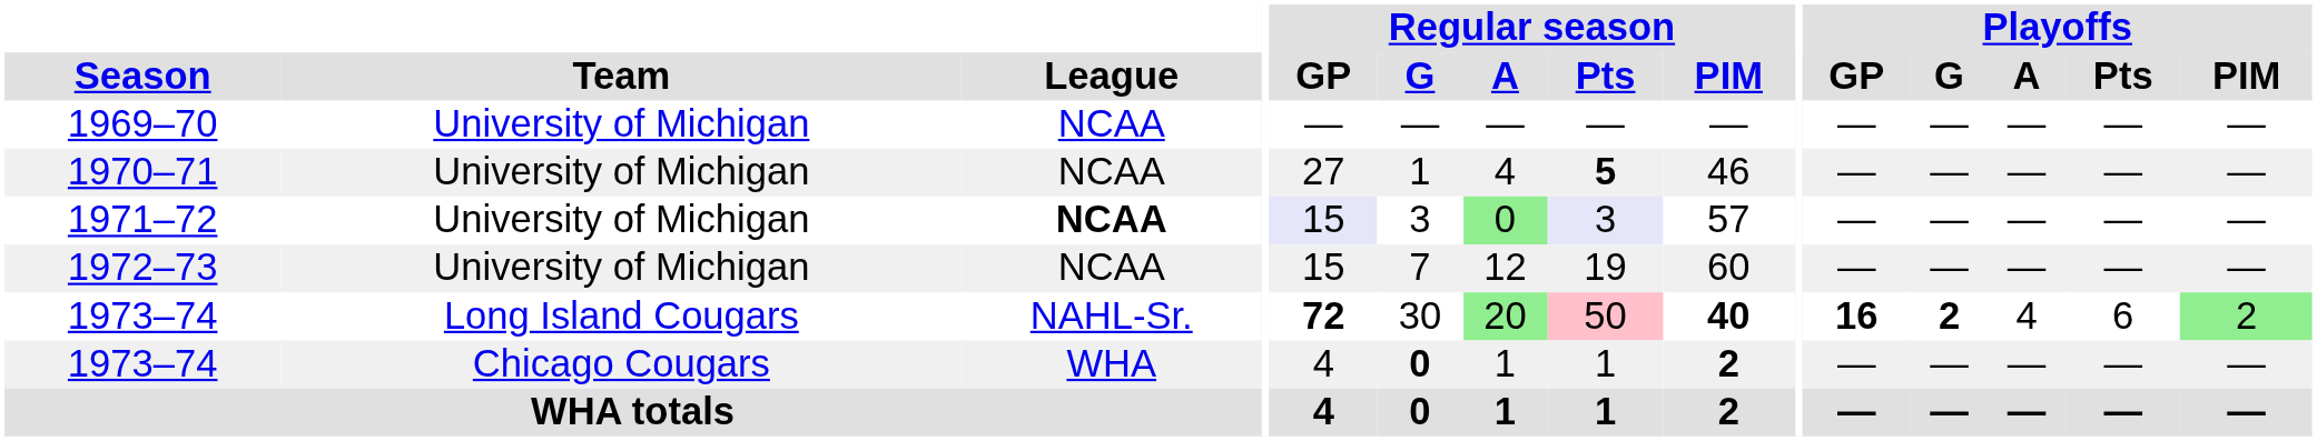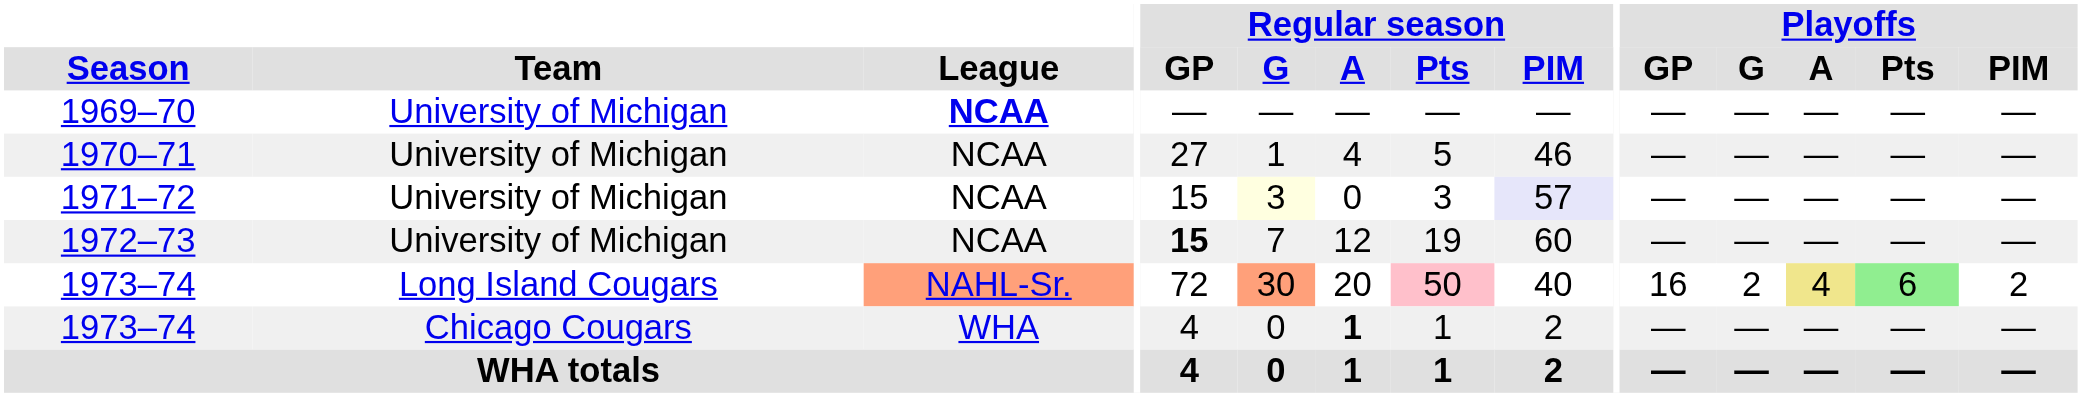 <table border="0" cellpadding="1" cellspacing="0" style="text-align:center; width:60em">
 <tr bgcolor="#e0e0e0">
 <th colspan="3" bgcolor="#ffffff"></th>
 <th rowspan="99" bgcolor="#ffffff"></th>
 <th colspan="5"><a href='#'>Regular season</a></th>
 <th rowspan="99" bgcolor="#ffffff"></th>
 <th colspan="5"><a href='#'>Playoffs</a></th>
 </tr>
 <tr bgcolor="#e0e0e0">
 <th><a href='#'>Season</a></th>
 <th>Team</th>
 <th>League</th>
 <th>GP</th>
 <th><a href='#'>G</a></th>
 <th><a href='#'>A</a></th>
 <th><a href='#'>Pts</a></th>
 <th><a href='#'>PIM</a></th>
 <th>GP</th>
 <th>G</th>
 <th>A</th>
 <th>Pts</th>
 <th>PIM</th>
 </tr>
 <tr>
 <td><a href='#'>1969–70</a></td>
 <td><a href='#'>University of Michigan</a></td>
-<td><a href='#'>NCAA</a></td>
+<td><strong><a href='#'>NCAA</a></strong></td>
 <td>—</td>
 <td>—</td>
 <td>—</td>
 <td>—</td>
 <td>—</td>
 <td>—</td>
 <td>—</td>
 <td>—</td>
 <td>—</td>
 <td>—</td>
 </tr>
 <tr bgcolor="#f0f0f0">
 <td><a href='#'>1970–71</a></td>
 <td>University of Michigan</td>
 <td>NCAA</td>
 <td>27</td>
 <td>1</td>
 <td>4</td>
-<td><strong>5</strong></td>
+<td>5</td>
 <td>46</td>
 <td>—</td>
 <td>—</td>
 <td>—</td>
 <td>—</td>
 <td>—</td>
 </tr>
 <tr>
 <td><a href='#'>1971–72</a></td>
 <td>University of Michigan</td>
-<td><strong>NCAA</strong></td>
-<td style="background: lavender;">15</td>
+<td>NCAA</td>
+<td>15</td>
+<td style="background: lightyellow;">3</td>
+<td>0</td>
 <td>3</td>
-<td style="background: lightgreen;">0</td>
-<td style="background: lavender;">3</td>
-<td>57</td>
+<td style="background: lavender;">57</td>
 <td>—</td>
 <td>—</td>
 <td>—</td>
 <td>—</td>
 <td>—</td>
 </tr>
 <tr bgcolor="#f0f0f0">
 <td><a href='#'>1972–73</a></td>
 <td>University of Michigan</td>
 <td>NCAA</td>
-<td>15</td>
+<td><strong>15</strong></td>
 <td>7</td>
 <td>12</td>
 <td>19</td>
 <td>60</td>
 <td>—</td>
 <td>—</td>
 <td>—</td>
 <td>—</td>
 <td>—</td>
 </tr>
 <tr>
 <td><a href='#'>1973–74</a></td>
 <td><a href='#'>Long Island Cougars</a></td>
-<td><a href='#'>NAHL-Sr.</a></td>
-<td><strong>72</strong></td>
-<td>30</td>
-<td style="background: lightgreen;">20</td>
+<td style="background: lightsalmon;"><a href='#'>NAHL-Sr.</a></td>
+<td>72</td>
+<td style="background: lightsalmon;">30</td>
+<td>20</td>
 <td style="background: pink;">50</td>
-<td><strong>40</strong></td>
-<td><strong>16</strong></td>
-<td><strong>2</strong></td>
-<td>4</td>
-<td>6</td>
-<td style="background: lightgreen;">2</td>
+<td>40</td>
+<td>16</td>
+<td>2</td>
+<td style="background: khaki;">4</td>
+<td style="background: lightgreen;">6</td>
+<td>2</td>
 </tr>
 <tr bgcolor="#f0f0f0">
 <td><a href='#'>1973–74</a></td>
 <td><a href='#'>Chicago Cougars</a></td>
 <td><a href='#'>WHA</a></td>
 <td>4</td>
-<td><strong>0</strong></td>
+<td>0</td>
+<td><strong>1</strong></td>
 <td>1</td>
-<td>1</td>
-<td><strong>2</strong></td>
+<td>2</td>
 <td>—</td>
 <td>—</td>
 <td>—</td>
 <td>—</td>
 <td>—</td>
 </tr>
 <tr>
 </tr>
 <tr ALIGN="center" bgcolor="#e0e0e0">
 <th colspan="3">WHA totals</th>
 <th ALIGN="center">4</th>
 <th ALIGN="center">0</th>
 <th ALIGN="center">1</th>
 <th ALIGN="center">1</th>
 <th ALIGN="center">2</th>
 <th ALIGN="center">—</th>
 <th ALIGN="center">—</th>
 <th ALIGN="center">—</th>
 <th ALIGN="center">—</th>
 <th ALIGN="center">—</th>
 </tr>
 </table>
